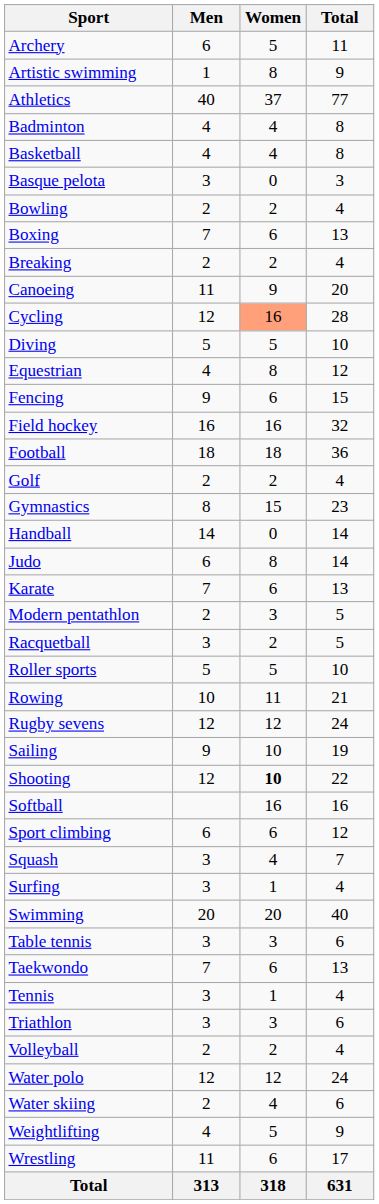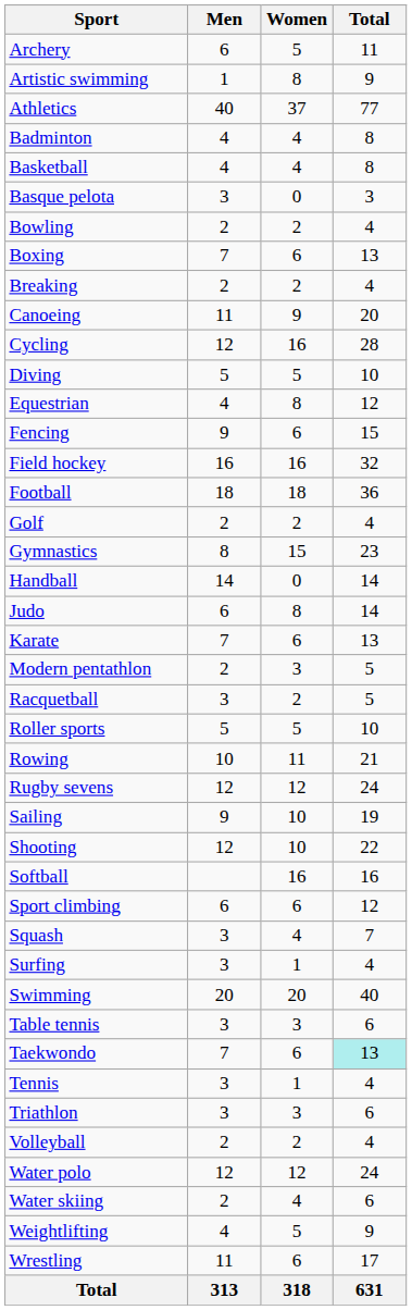 <table class="wikitable sortable" style="text-align:center;">
 <tr>
 <th width=150>Sport</th>
 <th width=55>Men</th>
 <th width=55>Women</th>
 <th width=55>Total</th>
 </tr>
 <tr>
 <td align=left><a href='#'>Archery</a></td>
 <td>6</td>
 <td>5</td>
 <td>11</td>
 </tr>
 <tr>
 <td align=left><a href='#'>Artistic swimming</a></td>
 <td>1</td>
 <td>8</td>
 <td>9</td>
 </tr>
 <tr>
 <td align=left><a href='#'>Athletics</a></td>
 <td>40</td>
 <td>37</td>
 <td>77</td>
 </tr>
 <tr>
 <td align=left><a href='#'>Badminton</a></td>
 <td>4</td>
 <td>4</td>
 <td>8</td>
 </tr>
 <tr>
 <td align=left><a href='#'>Basketball</a></td>
 <td>4</td>
 <td>4</td>
 <td>8</td>
 </tr>
 <tr>
 <td align=left><a href='#'>Basque pelota</a></td>
 <td>3</td>
 <td>0</td>
 <td>3</td>
 </tr>
 <tr>
 <td align=left><a href='#'>Bowling</a></td>
 <td>2</td>
 <td>2</td>
 <td>4</td>
 </tr>
 <tr>
 <td align=left><a href='#'>Boxing</a></td>
 <td>7</td>
 <td>6</td>
 <td>13</td>
 </tr>
 <tr>
 <td align=left><a href='#'>Breaking</a></td>
 <td>2</td>
 <td>2</td>
 <td>4</td>
 </tr>
 <tr>
 <td align=left><a href='#'>Canoeing</a></td>
 <td>11</td>
 <td>9</td>
 <td>20</td>
 </tr>
 <tr>
 <td align=left><a href='#'>Cycling</a></td>
 <td>12</td>
-<td style="background: lightsalmon;">16</td>
+<td>16</td>
 <td>28</td>
 </tr>
 <tr>
 <td align=left><a href='#'>Diving</a></td>
 <td>5</td>
 <td>5</td>
 <td>10</td>
 </tr>
 <tr>
 <td align=left><a href='#'>Equestrian</a></td>
 <td>4</td>
 <td>8</td>
 <td>12</td>
 </tr>
 <tr>
 <td align=left><a href='#'>Fencing</a></td>
 <td>9</td>
 <td>6</td>
 <td>15</td>
 </tr>
 <tr>
 <td align=left><a href='#'>Field hockey</a></td>
 <td>16</td>
 <td>16</td>
 <td>32</td>
 </tr>
 <tr>
 <td align=left><a href='#'>Football</a></td>
 <td>18</td>
 <td>18</td>
 <td>36</td>
 </tr>
 <tr>
 <td align=left><a href='#'>Golf</a></td>
 <td>2</td>
 <td>2</td>
 <td>4</td>
 </tr>
 <tr>
 <td align=left><a href='#'>Gymnastics</a></td>
 <td>8</td>
 <td>15</td>
 <td>23</td>
 </tr>
 <tr>
 <td align=left><a href='#'>Handball</a></td>
 <td>14</td>
 <td>0</td>
 <td>14</td>
 </tr>
 <tr>
 <td align=left><a href='#'>Judo</a></td>
 <td>6</td>
 <td>8</td>
 <td>14</td>
 </tr>
 <tr>
 <td align=left><a href='#'>Karate</a></td>
 <td>7</td>
 <td>6</td>
 <td>13</td>
 </tr>
 <tr>
 <td align=left><a href='#'>Modern pentathlon</a></td>
 <td>2</td>
 <td>3</td>
 <td>5</td>
 </tr>
 <tr>
 <td align=left><a href='#'>Racquetball</a></td>
 <td>3</td>
 <td>2</td>
 <td>5</td>
 </tr>
 <tr>
 <td align=left><a href='#'>Roller sports</a></td>
 <td>5</td>
 <td>5</td>
 <td>10</td>
 </tr>
 <tr>
 <td align=left><a href='#'>Rowing</a></td>
 <td>10</td>
 <td>11</td>
 <td>21</td>
 </tr>
 <tr>
 <td align=left><a href='#'>Rugby sevens</a></td>
 <td>12</td>
 <td>12</td>
 <td>24</td>
 </tr>
 <tr>
 <td align=left><a href='#'>Sailing</a></td>
 <td>9</td>
 <td>10</td>
 <td>19</td>
 </tr>
 <tr>
 <td align=left><a href='#'>Shooting</a></td>
 <td>12</td>
-<td><strong>10</strong></td>
+<td>10</td>
 <td>22</td>
 </tr>
 <tr>
 <td align=left><a href='#'>Softball</a></td>
 <td></td>
 <td>16</td>
 <td>16</td>
 </tr>
 <tr>
 <td align=left><a href='#'>Sport climbing</a></td>
 <td>6</td>
 <td>6</td>
 <td>12</td>
 </tr>
 <tr>
 <td align=left><a href='#'>Squash</a></td>
 <td>3</td>
 <td>4</td>
 <td>7</td>
 </tr>
 <tr>
 <td align=left><a href='#'>Surfing</a></td>
 <td>3</td>
 <td>1</td>
 <td>4</td>
 </tr>
 <tr>
 <td align=left><a href='#'>Swimming</a></td>
 <td>20</td>
 <td>20</td>
 <td>40</td>
 </tr>
 <tr>
 <td align=left><a href='#'>Table tennis</a></td>
 <td>3</td>
 <td>3</td>
 <td>6</td>
 </tr>
 <tr>
 <td align=left><a href='#'>Taekwondo</a></td>
 <td>7</td>
 <td>6</td>
-<td>13</td>
+<td style="background: paleturquoise;">13</td>
 </tr>
 <tr>
 <td align=left><a href='#'>Tennis</a></td>
 <td>3</td>
 <td>1</td>
 <td>4</td>
 </tr>
 <tr>
 <td align=left><a href='#'>Triathlon</a></td>
 <td>3</td>
 <td>3</td>
 <td>6</td>
 </tr>
 <tr>
 <td align=left><a href='#'>Volleyball</a></td>
 <td>2</td>
 <td>2</td>
 <td>4</td>
 </tr>
 <tr>
 <td align=left><a href='#'>Water polo</a></td>
 <td>12</td>
 <td>12</td>
 <td>24</td>
 </tr>
 <tr>
 <td align=left><a href='#'>Water skiing</a></td>
 <td>2</td>
 <td>4</td>
 <td>6</td>
 </tr>
 <tr>
 <td align=left><a href='#'>Weightlifting</a></td>
 <td>4</td>
 <td>5</td>
 <td>9</td>
 </tr>
 <tr>
 <td align=left><a href='#'>Wrestling</a></td>
 <td>11</td>
 <td>6</td>
 <td>17</td>
 </tr>
 <tr>
 <th>Total</th>
 <th>313</th>
 <th>318</th>
 <th>631</th>
 </tr>
 </table>
